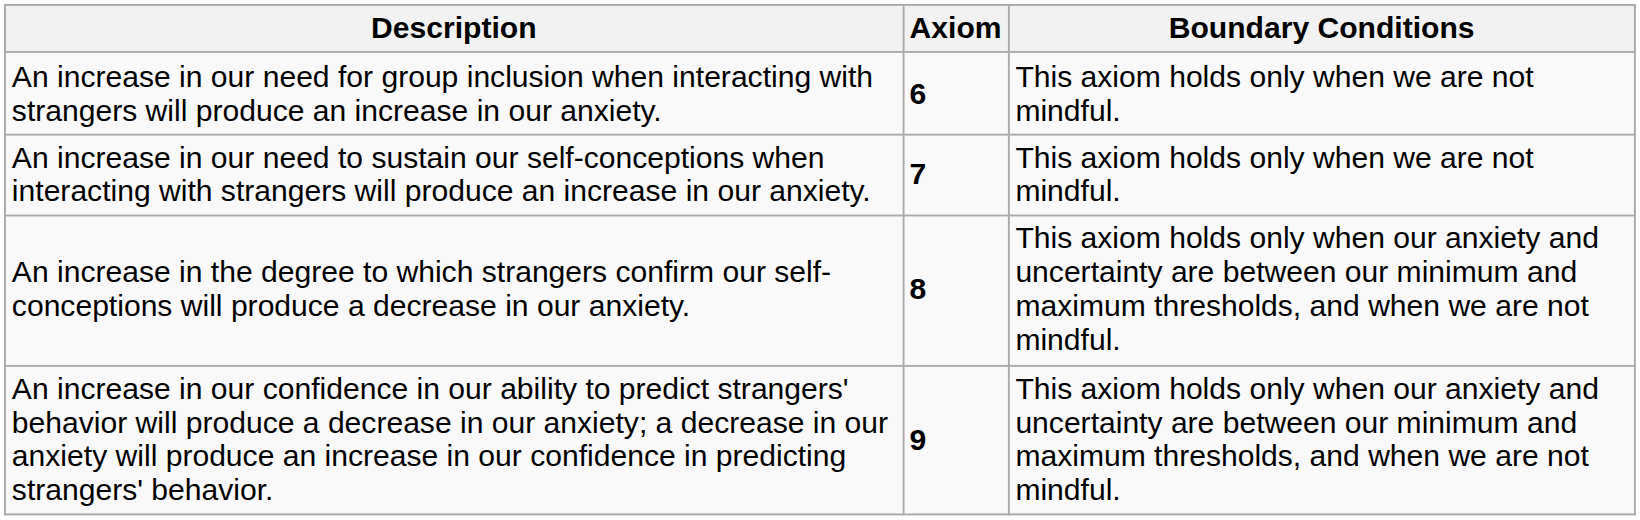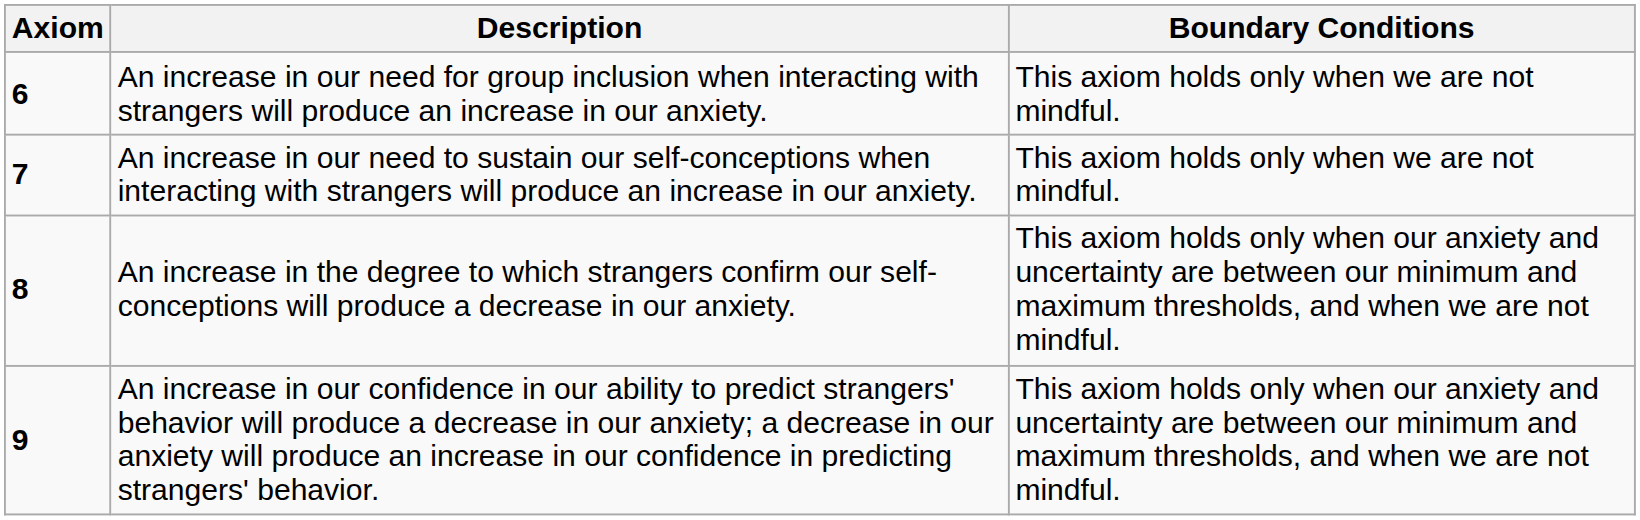 <table class="wikitable">
 <tr>
+<th>Axiom</th>
 <th>Description</th>
-<th>Axiom</th>
 <th>Boundary Conditions</th>
 </tr>
 <tr>
+<td><strong>6</strong></td>
 <td>An increase in our need for group inclusion when interacting with strangers will produce an increase in our anxiety.</td>
-<td><strong>6</strong></td>
 <td>This axiom holds only when we are not mindful.</td>
 </tr>
 <tr>
+<td><strong>7</strong></td>
 <td>An increase in our need to sustain our self-conceptions when interacting with strangers will produce an increase in our anxiety.</td>
-<td><strong>7</strong></td>
 <td>This axiom holds only when we are not mindful.</td>
 </tr>
 <tr>
+<td><strong>8</strong></td>
 <td>An increase in the degree to which strangers confirm our self-conceptions will produce a decrease in our anxiety.</td>
-<td><strong>8</strong></td>
 <td>This axiom holds only when our anxiety and uncertainty are between our minimum and maximum thresholds, and when we are not mindful.</td>
 </tr>
 <tr>
+<td><strong>9</strong></td>
 <td>An increase in our confidence in our ability to predict strangers' behavior will produce a decrease in our anxiety; a decrease in our anxiety will produce an increase in our confidence in predicting strangers' behavior.</td>
-<td><strong>9</strong></td>
 <td>This axiom holds only when our anxiety and uncertainty are between our minimum and maximum thresholds, and when we are not mindful.</td>
 </tr>
 </table>
